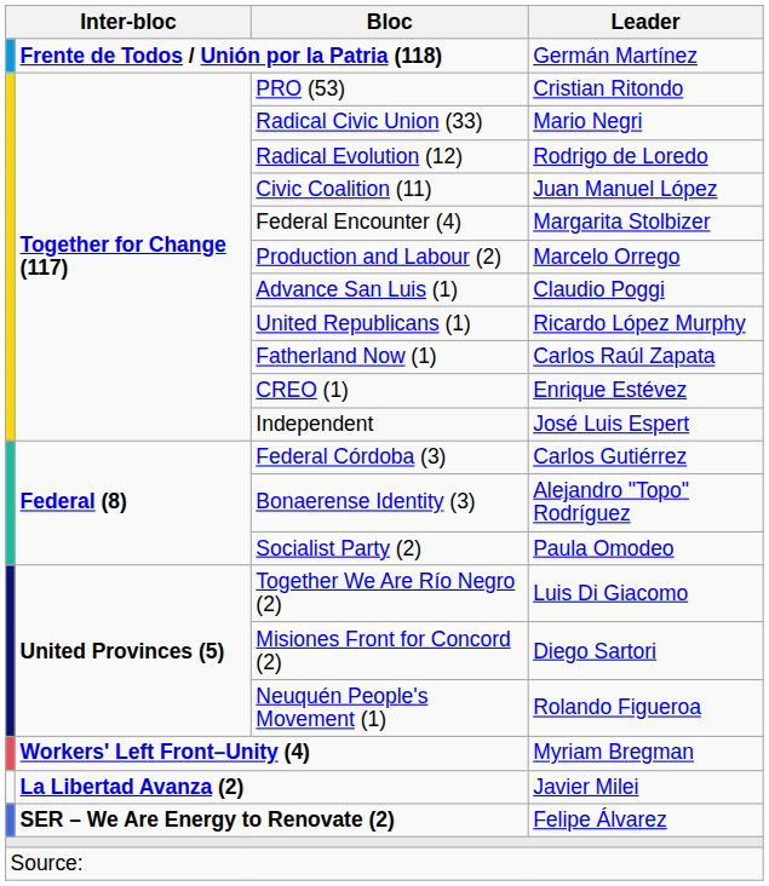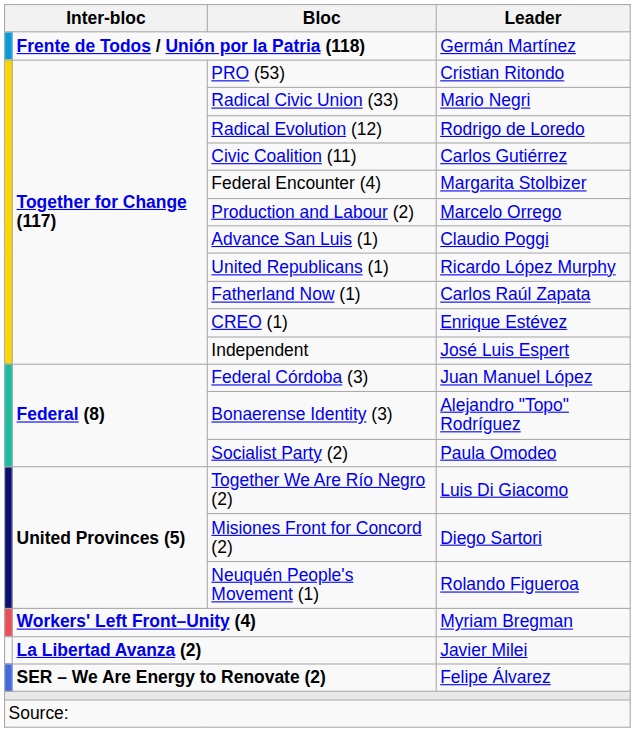 <table class="wikitable" width="65%">
 <tr>
 <th colspan="2">Inter-bloc</th>
 <th>Bloc</th>
 <th>Leader</th>
 </tr>
 <tr>
 <td bgcolor="#009cde"></td>
 <td colspan=2><strong><a href='#'>Frente de Todos</a> / <a href='#'>Unión por la Patria</a> (118)</strong></td>
 <td><a href='#'>Germán Martínez</a></td>
 </tr>
 <tr>
 <td bgcolor="#ffd700" rowspan="11"></td>
 <td rowspan=11><strong><a href='#'>Together for Change</a> (117)</strong></td>
 <td><a href='#'>PRO</a> (53)</td>
 <td><a href='#'>Cristian Ritondo</a></td>
 </tr>
 <tr>
 <td><a href='#'>Radical Civic Union</a> (33)</td>
 <td><a href='#'>Mario Negri</a></td>
 </tr>
 <tr>
 <td><a href='#'>Radical Evolution</a> (12)</td>
 <td><a href='#'>Rodrigo de Loredo</a></td>
 </tr>
 <tr>
 <td><a href='#'>Civic Coalition</a> (11)</td>
-<td><a href='#'>Juan Manuel López</a></td>
+<td><a href='#'>Carlos Gutiérrez</a></td>
 </tr>
 <tr>
 <td>Federal Encounter (4)</td>
 <td><a href='#'>Margarita Stolbizer</a></td>
 </tr>
 <tr>
 <td><a href='#'>Production and Labour</a>  (2)</td>
 <td><a href='#'>Marcelo Orrego</a></td>
 </tr>
 <tr>
 <td><a href='#'>Advance San Luis</a> (1)</td>
 <td><a href='#'>Claudio Poggi</a></td>
 </tr>
 <tr>
 <td><a href='#'>United Republicans</a> (1)</td>
 <td><a href='#'>Ricardo López Murphy</a></td>
 </tr>
 <tr>
 <td><a href='#'>Fatherland Now</a> (1)</td>
 <td><a href='#'>Carlos Raúl Zapata</a></td>
 </tr>
 <tr>
 <td><a href='#'>CREO</a> (1)</td>
 <td><a href='#'>Enrique Estévez</a></td>
 </tr>
 <tr>
 <td>Independent</td>
 <td><a href='#'>José Luis Espert</a></td>
 </tr>
 <tr>
 <td rowspan=3 bgcolor=#19bc9d></td>
 <td rowspan=3><strong><a href='#'>Federal</a> (8)</strong><br></td>
 <td><a href='#'>Federal Córdoba</a> (3)</td>
-<td><a href='#'>Carlos Gutiérrez</a></td>
+<td><a href='#'>Juan Manuel López</a></td>
 </tr>
 <tr>
 <td><a href='#'>Bonaerense Identity</a> (3)</td>
 <td><a href='#'>Alejandro "Topo" Rodríguez</a></td>
 </tr>
 <tr>
 <td><a href='#'>Socialist Party</a> (2)</td>
 <td><a href='#'>Paula Omodeo</a></td>
 </tr>
 <tr>
 <td rowspan=3 bgcolor=#0a1172></td>
 <td rowspan=3><strong>United Provinces (5)</strong><br></td>
 <td><a href='#'>Together We Are Río Negro</a> (2)</td>
 <td><a href='#'>Luis Di Giacomo</a></td>
 </tr>
 <tr>
 <td><a href='#'>Misiones Front for Concord</a> (2)</td>
 <td><a href='#'>Diego Sartori</a></td>
 </tr>
 <tr>
 <td><a href='#'>Neuquén People's Movement</a> (1)</td>
 <td><a href='#'>Rolando Figueroa</a></td>
 </tr>
 <tr>
 <td bgcolor=#ED4D57></td>
 <td colspan=2><strong><a href='#'>Workers' Left Front–Unity</a> (4)</strong></td>
 <td><a href='#'>Myriam Bregman</a></td>
 </tr>
 <tr>
 <td bgcolor=></td>
 <td colspan=2><strong><a href='#'>La Libertad Avanza</a> (2)</strong></td>
 <td><a href='#'>Javier Milei</a></td>
 </tr>
 <tr>
 <td bgcolor=#4169E1></td>
 <td colspan=2><strong>SER – We Are Energy to Renovate (2)</strong></td>
 <td><a href='#'>Felipe Álvarez</a></td>
 </tr>
 <tr>
 <td colspan="4" bgcolor="#E9E9E9"></td>
 </tr>
 <tr>
 <td colspan="4">Source:  </td>
 </tr>
 </table>
